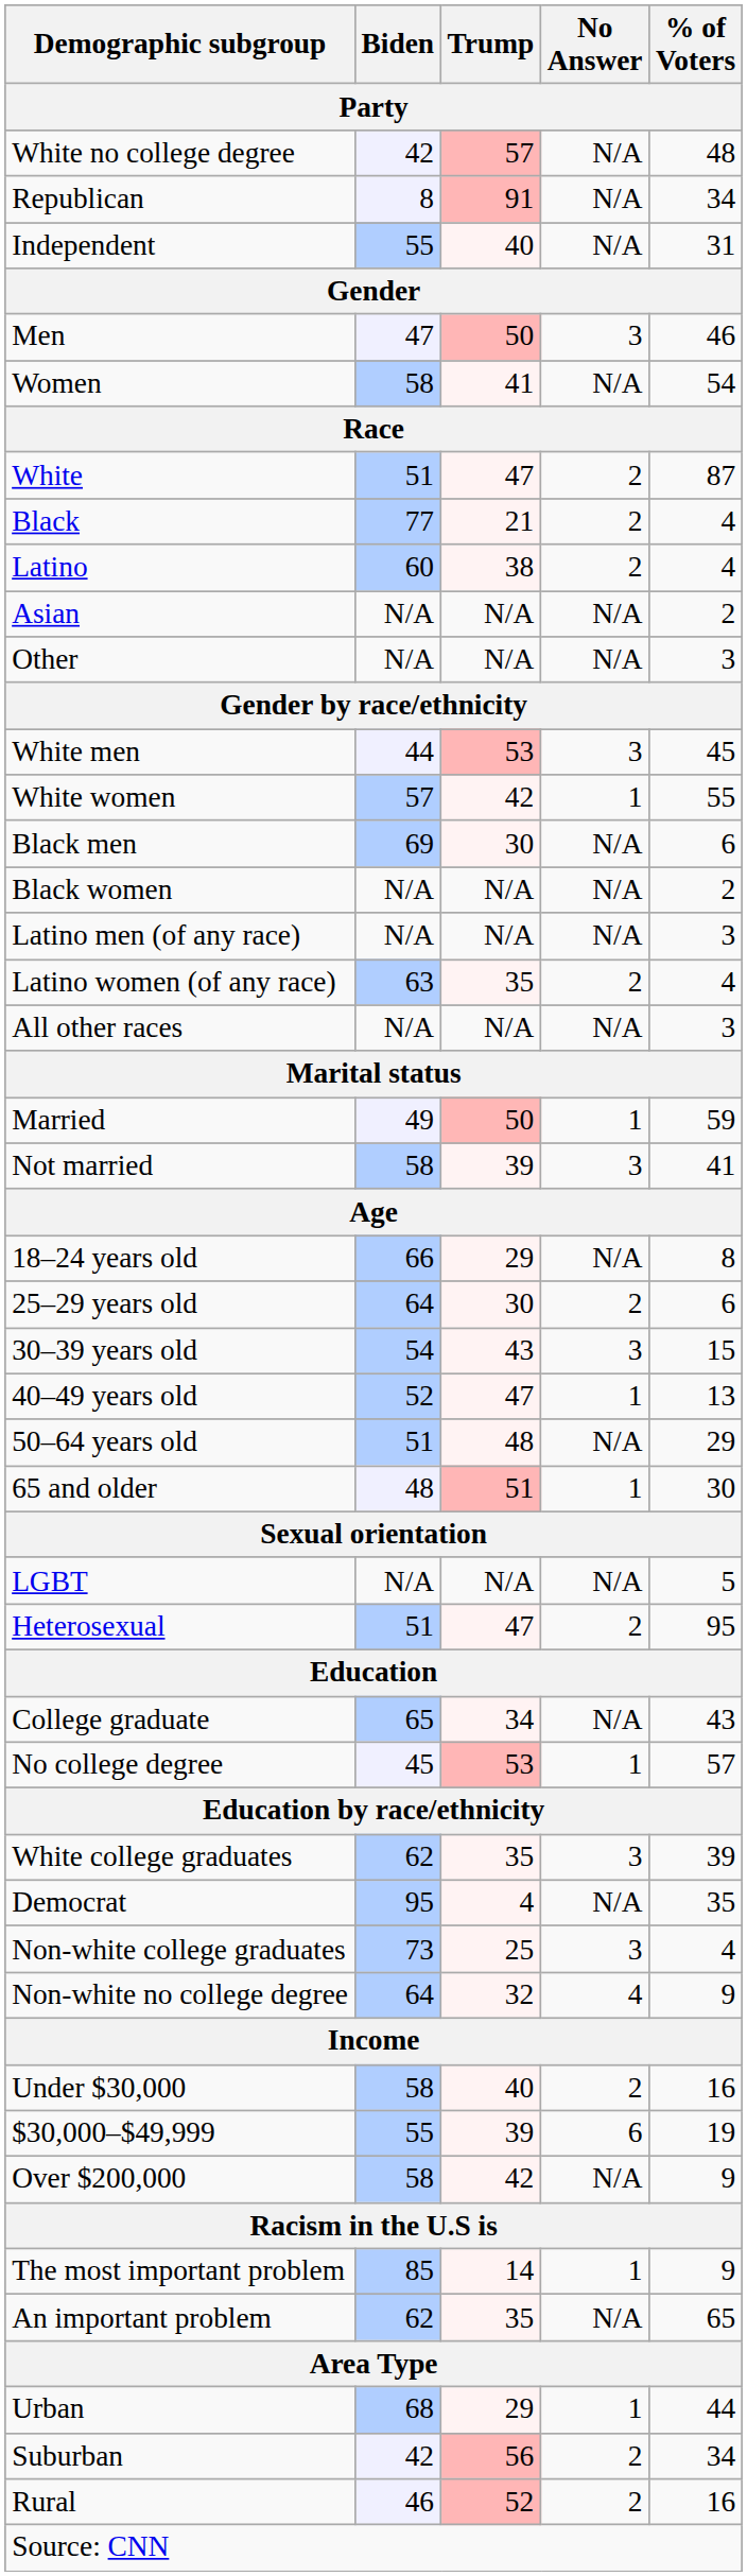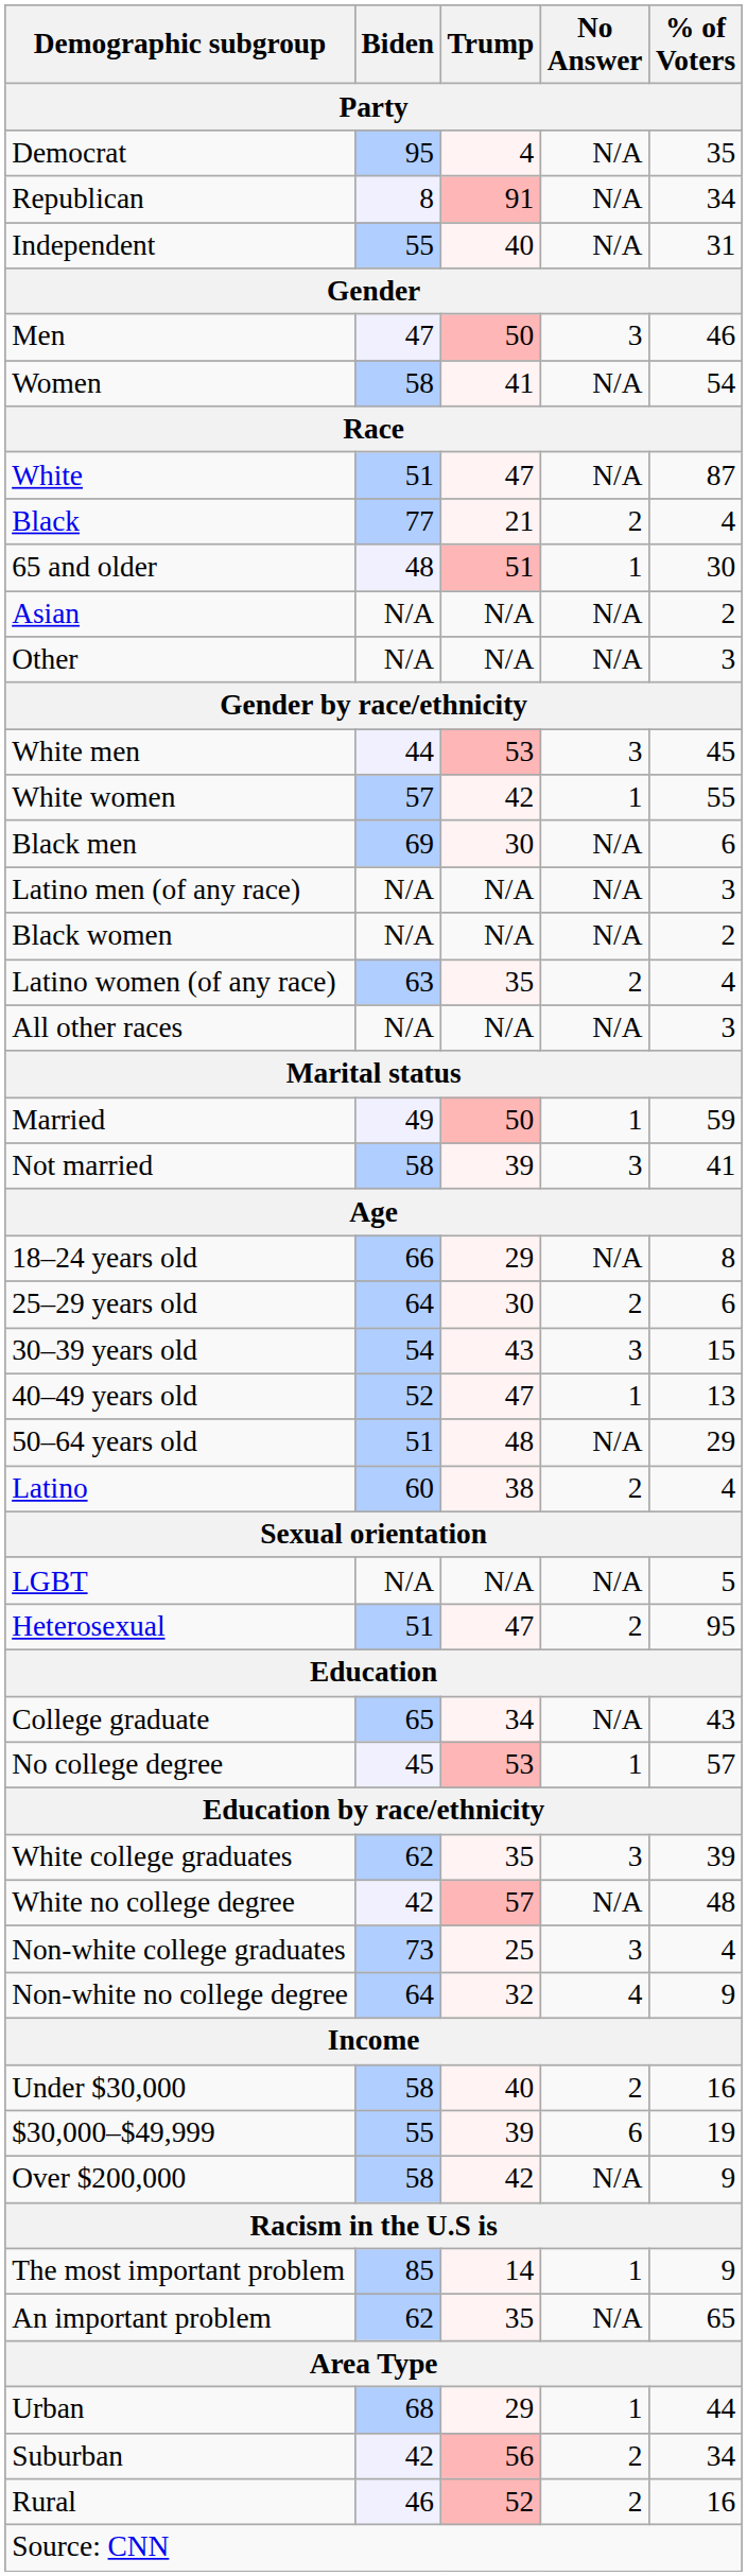 <table class="wikitable">
 <tr>
 <th>Demographic subgroup</th>
 <th>Biden</th>
 <th>Trump</th>
 <th>No<br>Answer</th>
 <th>% of<br>Voters</th>
 </tr>
 <tr>
 <th colspan="5">Party</th>
 </tr>
 <tr>
-<td>White no college degree</td>
-<td style="text-align:right; background:#f0f0ff;">42</td>
-<td style="text-align:right; background:#ffb6b6;">57</td>
+<td>Democrat</td>
+<td style="text-align:right; background:#b0ceff;">95</td>
+<td style="text-align:right; background:#fff3f3;">4</td>
 <td style="text-align:right;">N/A</td>
-<td style="text-align:right;">48</td>
+<td style="text-align:right;">35</td>
 </tr>
 <tr>
 <td>Republican</td>
 <td style="text-align:right; background:#f0f0ff;">8</td>
 <td style="text-align:right; background:#ffb6b6;">91</td>
 <td style="text-align:right;">N/A</td>
 <td style="text-align:right;">34</td>
 </tr>
 <tr>
 <td>Independent</td>
 <td style="text-align:right; background:#b0ceff;">55</td>
 <td style="text-align:right; background:#fff3f3;">40</td>
 <td style="text-align:right;">N/A</td>
 <td style="text-align:right;">31</td>
 </tr>
 <tr>
 <th colspan="5">Gender</th>
 </tr>
 <tr>
 <td>Men</td>
 <td style="text-align:right; background:#f0f0ff;">47</td>
 <td style="text-align:right; background:#ffb6b6;">50</td>
 <td style="text-align:right;">3</td>
 <td style="text-align:right;">46</td>
 </tr>
 <tr>
 <td>Women</td>
 <td style="text-align:right; background:#b0ceff;">58</td>
 <td style="text-align:right; background:#fff3f3;">41</td>
 <td style="text-align:right;">N/A</td>
 <td style="text-align:right;">54</td>
 </tr>
 <tr>
 <th colspan="5">Race</th>
 </tr>
 <tr>
 <td><a href='#'>White</a></td>
 <td style="text-align:right; background:#b0ceff;">51</td>
 <td style="text-align:right; background:#fff3f3;">47</td>
-<td style="text-align:right;">2</td>
+<td style="text-align:right;">N/A</td>
 <td style="text-align:right;">87</td>
 </tr>
 <tr>
 <td><a href='#'>Black</a></td>
 <td style="text-align:right; background:#b0ceff;">77</td>
 <td style="text-align:right; background:#fff3f3;">21</td>
 <td style="text-align:right;">2</td>
 <td style="text-align:right;">4</td>
 </tr>
 <tr>
-<td><a href='#'>Latino</a></td>
-<td style="text-align:right; background:#b0ceff;">60</td>
-<td style="text-align:right; background:#fff3f3;">38</td>
-<td style="text-align:right;">2</td>
-<td style="text-align:right;">4</td>
+<td>65 and older</td>
+<td style="text-align:right; background:#f0f0ff;">48</td>
+<td style="text-align:right; background:#ffb6b6;">51</td>
+<td style="text-align:right;">1</td>
+<td style="text-align:right;">30</td>
 </tr>
 <tr>
 <td><a href='#'>Asian</a></td>
 <td style="text-align:right;">N/A</td>
 <td style="text-align:right;">N/A</td>
 <td style="text-align:right;">N/A</td>
 <td style="text-align:right;">2</td>
 </tr>
 <tr>
 <td>Other</td>
 <td style="text-align:right;">N/A</td>
 <td style="text-align:right;">N/A</td>
 <td style="text-align:right;">N/A</td>
 <td style="text-align:right;">3</td>
 </tr>
 <tr>
 <th colspan=5>Gender by race/ethnicity</th>
 </tr>
 <tr>
 <td>White men</td>
 <td style="text-align:right; background:#f0f0ff;">44</td>
 <td style="text-align:right; background:#ffb6b6;">53</td>
 <td style="text-align:right;">3</td>
 <td style="text-align:right;">45</td>
 </tr>
 <tr>
 <td>White women</td>
 <td style="text-align:right; background:#b0ceff;">57</td>
 <td style="text-align:right; background:#fff3f3;">42</td>
 <td style="text-align:right;">1</td>
 <td style="text-align:right;">55</td>
 </tr>
 <tr>
 <td>Black men</td>
 <td style="text-align:right; background:#b0ceff;">69</td>
 <td style="text-align:right; background:#fff3f3;">30</td>
 <td style="text-align:right;">N/A</td>
 <td style="text-align:right;">6</td>
 </tr>
 <tr>
+<td>Latino men (of any race)</td>
+<td style="text-align:right;">N/A</td>
+<td style="text-align:right;">N/A</td>
+<td style="text-align:right;">N/A</td>
+<td style="text-align:right;">3</td>
+</tr>
+<tr>
 <td>Black women</td>
 <td style="text-align:right;">N/A</td>
 <td style="text-align:right;">N/A</td>
 <td style="text-align:right;">N/A</td>
 <td style="text-align:right;">2</td>
-</tr>
-<tr>
-<td>Latino men (of any race)</td>
-<td style="text-align:right;">N/A</td>
-<td style="text-align:right;">N/A</td>
-<td style="text-align:right;">N/A</td>
-<td style="text-align:right;">3</td>
 </tr>
 <tr>
 <td>Latino women (of any race)</td>
 <td style="text-align:right; background:#b0ceff;">63</td>
 <td style="text-align:right; background:#fff3f3;">35</td>
 <td style="text-align:right;">2</td>
 <td style="text-align:right;">4</td>
 </tr>
 <tr>
 <td>All other races</td>
 <td style="text-align:right;">N/A</td>
 <td style="text-align:right;">N/A</td>
 <td style="text-align:right;">N/A</td>
 <td style="text-align:right;">3</td>
 </tr>
 <tr>
 <th colspan="5">Marital status</th>
 </tr>
 <tr>
 <td>Married</td>
 <td style="text-align:right; background:#f0f0ff;">49</td>
 <td style="text-align:right; background:#ffb7b6;">50</td>
 <td style="text-align:right;">1</td>
 <td style="text-align:right;">59</td>
 </tr>
 <tr>
 <td>Not married</td>
 <td style="text-align:right; background:#b0ceff;">58</td>
 <td style="text-align:right; background:#fff3f3;">39</td>
 <td style="text-align:right;">3</td>
 <td style="text-align:right;">41</td>
 </tr>
 <tr>
 <th colspan="5">Age</th>
 </tr>
 <tr>
 <td>18–24 years old</td>
 <td style="text-align:right; background:#b0ceff;">66</td>
 <td style="text-align:right; background:#fff3f3;">29</td>
 <td style="text-align:right;">N/A</td>
 <td style="text-align:right;">8</td>
 </tr>
 <tr>
 <td>25–29 years old</td>
 <td style="text-align:right; background:#b0ceff;">64</td>
 <td style="text-align:right; background:#fff3f3;">30</td>
 <td style="text-align:right;">2</td>
 <td style="text-align:right;">6</td>
 </tr>
 <tr>
 <td>30–39 years old</td>
 <td style="text-align:right; background:#b0ceff;">54</td>
 <td style="text-align:right; background:#fff3f3;">43</td>
 <td style="text-align:right;">3</td>
 <td style="text-align:right;">15</td>
 </tr>
 <tr>
 <td>40–49 years old</td>
 <td style="text-align:right; background:#b0ceff;">52</td>
 <td style="text-align:right; background:#fff3f3;">47</td>
 <td style="text-align:right;">1</td>
 <td style="text-align:right;">13</td>
 </tr>
 <tr>
 <td>50–64 years old</td>
 <td style="text-align:right; background:#b0ceff;">51</td>
 <td style="text-align:right; background:#fff3f3;">48</td>
 <td style="text-align:right;">N/A</td>
 <td style="text-align:right;">29</td>
 </tr>
 <tr>
-<td>65 and older</td>
-<td style="text-align:right; background:#f0f0ff;">48</td>
-<td style="text-align:right; background:#ffb6b6;">51</td>
-<td style="text-align:right;">1</td>
-<td style="text-align:right;">30</td>
+<td><a href='#'>Latino</a></td>
+<td style="text-align:right; background:#b0ceff;">60</td>
+<td style="text-align:right; background:#fff3f3;">38</td>
+<td style="text-align:right;">2</td>
+<td style="text-align:right;">4</td>
 </tr>
 <tr>
 <th colspan=5>Sexual orientation</th>
 </tr>
 <tr>
 <td><a href='#'>LGBT</a></td>
 <td style="text-align:right;">N/A</td>
 <td style="text-align:right;">N/A</td>
 <td style="text-align:right;">N/A</td>
 <td style="text-align:right;">5</td>
 </tr>
 <tr>
 <td><a href='#'>Heterosexual</a></td>
 <td style="text-align:right; background:#b0ceff;">51</td>
 <td style="text-align:right; background:#fff3f3;">47</td>
 <td style="text-align:right;">2</td>
 <td style="text-align:right;">95</td>
 </tr>
 <tr>
 <th colspan="5">Education</th>
 </tr>
 <tr>
 <td>College graduate</td>
 <td style="text-align:right; background:#b0ceff;">65</td>
 <td style="text-align:right; background:#fff3f3;">34</td>
 <td style="text-align:right;">N/A</td>
 <td style="text-align:right;">43</td>
 </tr>
 <tr>
 <td>No college degree</td>
 <td style="text-align:right; background:#f0f0ff;">45</td>
 <td style="text-align:right; background:#ffb6b6;">53</td>
 <td style="text-align:right;">1</td>
 <td style="text-align:right;">57</td>
 </tr>
 <tr>
 <th colspan=5>Education by race/ethnicity</th>
 </tr>
 <tr>
 <td>White college graduates</td>
 <td style="text-align:right; background:#b0ceff;">62</td>
 <td style="text-align:right; background:#fff3f3;">35</td>
 <td style="text-align:right;">3</td>
 <td style="text-align:right;">39</td>
 </tr>
 <tr>
-<td>Democrat</td>
-<td style="text-align:right; background:#b0ceff;">95</td>
-<td style="text-align:right; background:#fff3f3;">4</td>
+<td>White no college degree</td>
+<td style="text-align:right; background:#f0f0ff;">42</td>
+<td style="text-align:right; background:#ffb6b6;">57</td>
 <td style="text-align:right;">N/A</td>
-<td style="text-align:right;">35</td>
+<td style="text-align:right;">48</td>
 </tr>
 <tr>
 <td>Non-white college graduates</td>
 <td style="text-align:right; background:#b0ceff;">73</td>
 <td style="text-align:right; background:#fff3f3;">25</td>
 <td style="text-align:right;">3</td>
 <td style="text-align:right;">4</td>
 </tr>
 <tr>
 <td>Non-white no college degree</td>
 <td style="text-align:right; background:#b0ceff;">64</td>
 <td style="text-align:right; background:#fff3f3;">32</td>
 <td style="text-align:right;">4</td>
 <td style="text-align:right;">9</td>
 </tr>
 <tr>
 <th colspan=5>Income</th>
 </tr>
 <tr>
 <td>Under $30,000</td>
 <td style="text-align:right; background:#b0ceff;">58</td>
 <td style="text-align:right; background:#fff3f3;">40</td>
 <td style="text-align:right;">2</td>
 <td style="text-align:right;">16</td>
 </tr>
 <tr>
 <td>$30,000–$49,999</td>
 <td style="text-align:right; background:#b0ceff;">55</td>
 <td style="text-align:right; background:#fff3f3;">39</td>
 <td style="text-align:right;">6</td>
 <td style="text-align:right;">19</td>
 </tr>
 <tr>
 <td>Over $200,000</td>
 <td style="text-align:right; background:#b0ceff;">58</td>
 <td style="text-align:right; background:#fff3f3;">42</td>
 <td style="text-align:right;">N/A</td>
 <td style="text-align:right;">9</td>
 </tr>
 <tr>
 <th colspan="5">Racism in the U.S is</th>
 </tr>
 <tr>
 <td>The most important problem</td>
 <td style="text-align:right; background:#b0ceff;">85</td>
 <td style="text-align:right; background:#fff3f3;">14</td>
 <td style="text-align:right;">1</td>
 <td style="text-align:right;">9</td>
 </tr>
 <tr>
 <td>An important problem</td>
 <td style="text-align:right; background:#b0ceff;">62</td>
 <td style="text-align:right; background:#fff3f3;">35</td>
 <td style="text-align:right;">N/A</td>
 <td style="text-align:right;">65</td>
 </tr>
 <tr>
 <th colspan ="5">Area Type</th>
 </tr>
 <tr>
 <td>Urban</td>
 <td style="text-align:right; background:#b0ceff;">68</td>
 <td style="text-align:right; background:#fff3f3;">29</td>
 <td style="text-align:right;">1</td>
 <td style="text-align:right;">44</td>
 </tr>
 <tr>
 <td>Suburban</td>
 <td style="text-align:right; background:#f0f0ff;">42</td>
 <td style="text-align:right; background:#ffb6b6;">56</td>
 <td style="text-align:right;">2</td>
 <td style="text-align:right;">34</td>
 </tr>
 <tr>
 <td>Rural</td>
 <td style="text-align:right; background:#f0f0ff;">46</td>
 <td style="text-align:right; background:#ffb6b6;">52</td>
 <td style="text-align:right;">2</td>
 <td style="text-align:right;">16</td>
 </tr>
 <tr>
 <td colspan="5">Source: <a href='#'>CNN</a></td>
 </tr>
 </table>
